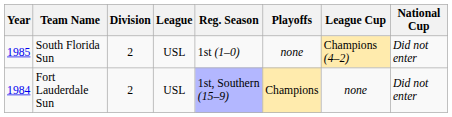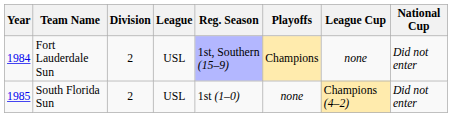 <table class="wikitable">
 <tr>
 <th>Year</th>
 <th>Team Name</th>
 <th>Division</th>
 <th>League</th>
 <th>Reg. Season</th>
 <th>Playoffs</th>
 <th>League Cup</th>
 <th>National Cup</th>
 </tr>
 <tr>
+<td><a href='#'>1984</a></td>
+<td>Fort Lauderdale Sun</td>
+<td style="text-align:center">2</td>
+<td style="text-align:center">USL</td>
+<td style="background:#b3b7ff;">1st, Southern <em>(15–9)</em></td>
+<td style="background:#ffebad;">Champions</td>
+<td style="text-align:center"><em>none</em></td>
+<td><em>Did not enter</em></td>
+</tr>
+<tr>
 <td><a href='#'>1985</a></td>
 <td>South Florida Sun</td>
 <td style="text-align:center">2</td>
 <td style="text-align:center">USL</td>
 <td>1st <em>(1–0)</em></td>
 <td style="text-align:center"><em>none</em></td>
 <td style="background:#ffebad;">Champions <em>(4–2)</em></td>
 <td><em>Did not enter</em></td>
 </tr>
-<tr>
-<td><a href='#'>1984</a></td>
-<td>Fort Lauderdale Sun</td>
-<td style="text-align:center">2</td>
-<td style="text-align:center">USL</td>
-<td style="background:#b3b7ff;">1st, Southern <em>(15–9)</em></td>
-<td style="background:#ffebad;">Champions</td>
-<td style="text-align:center"><em>none</em></td>
-<td><em>Did not enter</em></td>
-</tr>
 </table>
